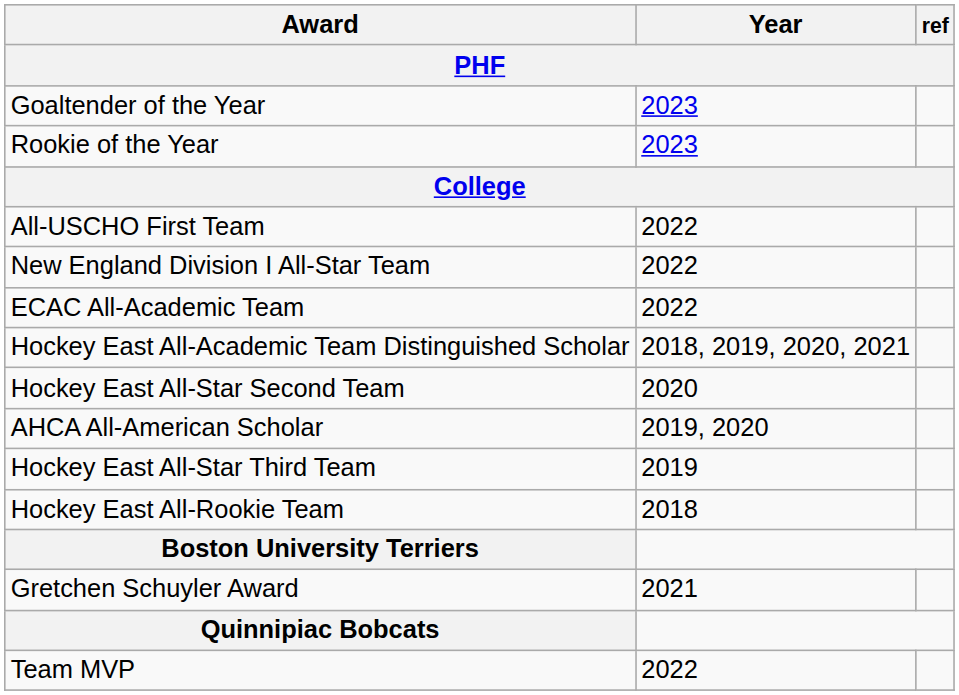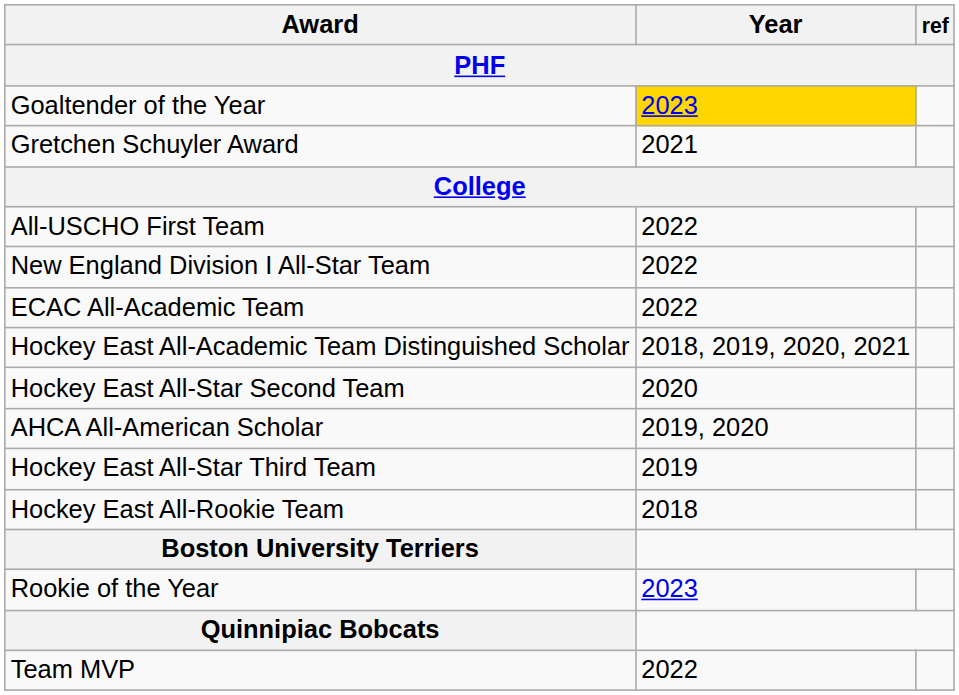 <table class="wikitable">
 <tr>
 <th scope="col">Award</th>
 <th scope="col">Year</th>
 <th scope="col"><small>ref</small></th>
 </tr>
 <tr>
 <th colspan="3"><a href='#'>PHF</a></th>
 </tr>
 <tr>
 <td>Goaltender of the Year</td>
-<td><a href='#'>2023</a></td>
+<td style="background: gold;"><a href='#'>2023</a></td>
 <td align="center"></td>
 </tr>
 <tr>
-<td>Rookie of the Year</td>
-<td><a href='#'>2023</a></td>
-<td></td>
+<td>Gretchen Schuyler Award</td>
+<td>2021</td>
+<td align=center></td>
 </tr>
 <tr>
 <th colspan="3"><a href='#'>College</a></th>
 </tr>
 <tr>
 <td>All-USCHO First Team</td>
 <td>2022</td>
 <td align="center"></td>
 </tr>
 <tr>
 <td>New England Division I All-Star Team</td>
 <td>2022</td>
 <td align="center"></td>
 </tr>
 <tr>
 <td>ECAC All-Academic Team</td>
 <td>2022</td>
 <td align=center></td>
 </tr>
 <tr>
 <td>Hockey East All-Academic Team Distinguished Scholar</td>
 <td>2018, 2019, 2020, 2021</td>
 <td align=center></td>
 </tr>
 <tr>
 <td>Hockey East All-Star Second Team</td>
 <td>2020</td>
 <td align="center"></td>
 </tr>
 <tr>
 <td>AHCA All-American Scholar</td>
 <td>2019, 2020</td>
 <td align="center"></td>
 </tr>
 <tr>
 <td>Hockey East All-Star Third Team</td>
 <td>2019</td>
 <td align="center"></td>
 </tr>
 <tr>
 <td>Hockey East All-Rookie Team</td>
 <td>2018</td>
 <td align="center"></td>
 </tr>
 <tr>
 <th>Boston University Terriers</th>
 </tr>
 <tr>
-<td>Gretchen Schuyler Award</td>
-<td>2021</td>
-<td align=center></td>
+<td>Rookie of the Year</td>
+<td><a href='#'>2023</a></td>
+<td></td>
 </tr>
 <tr>
 <th>Quinnipiac Bobcats</th>
 </tr>
 <tr>
 <td>Team MVP</td>
 <td>2022</td>
 <td align=center></td>
 </tr>
 </table>
